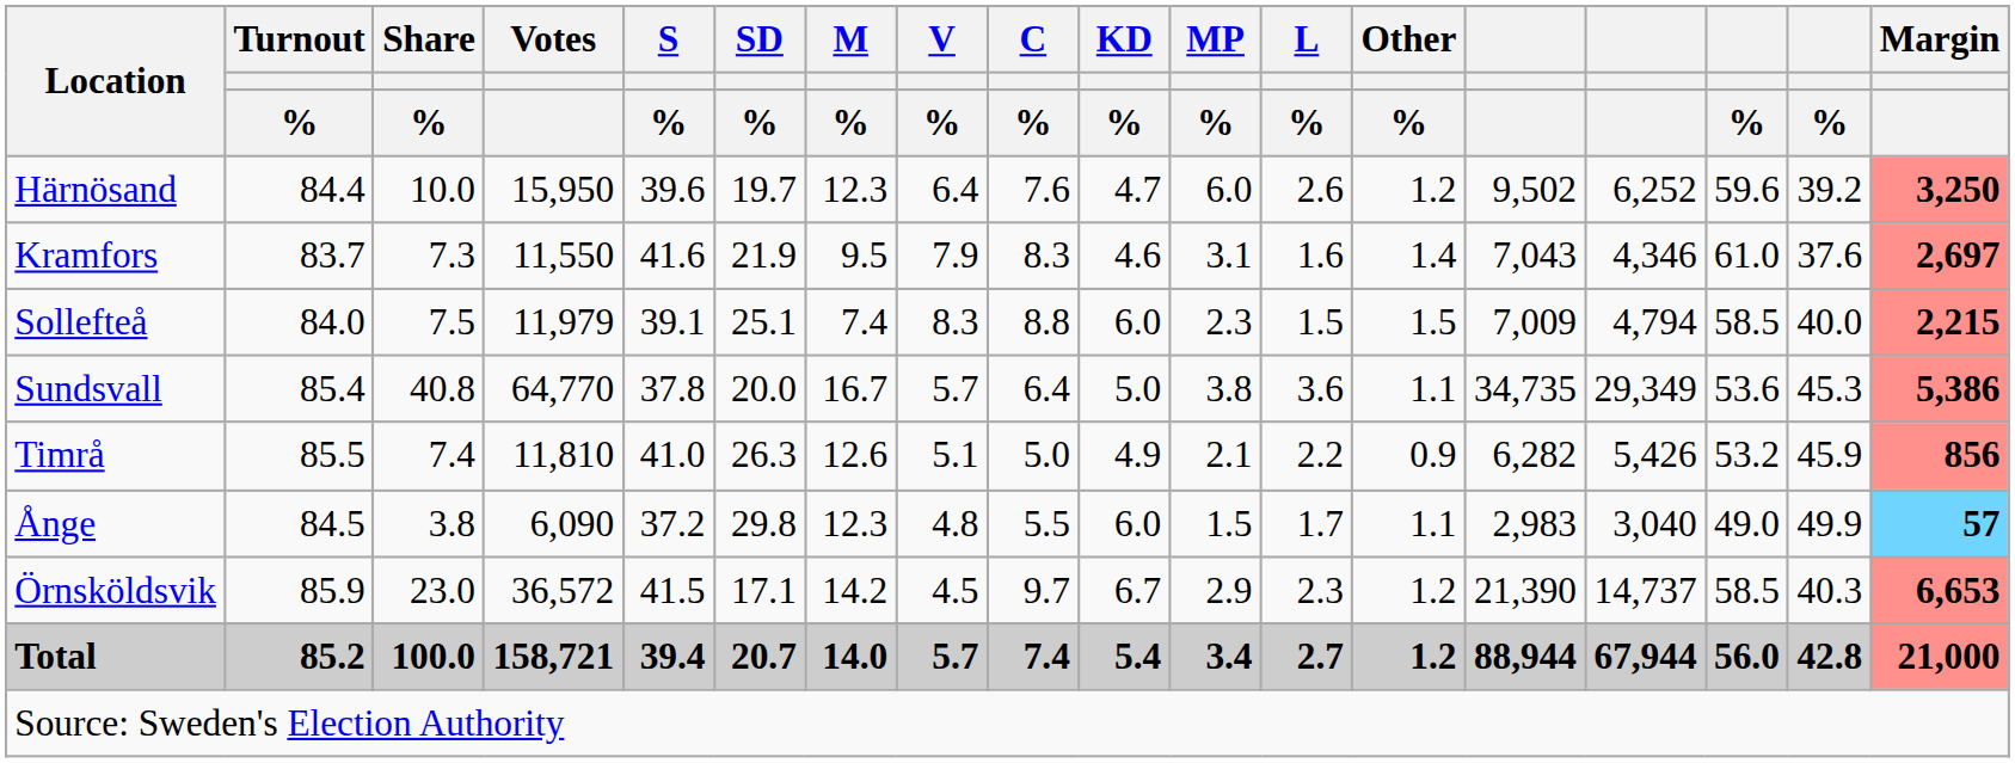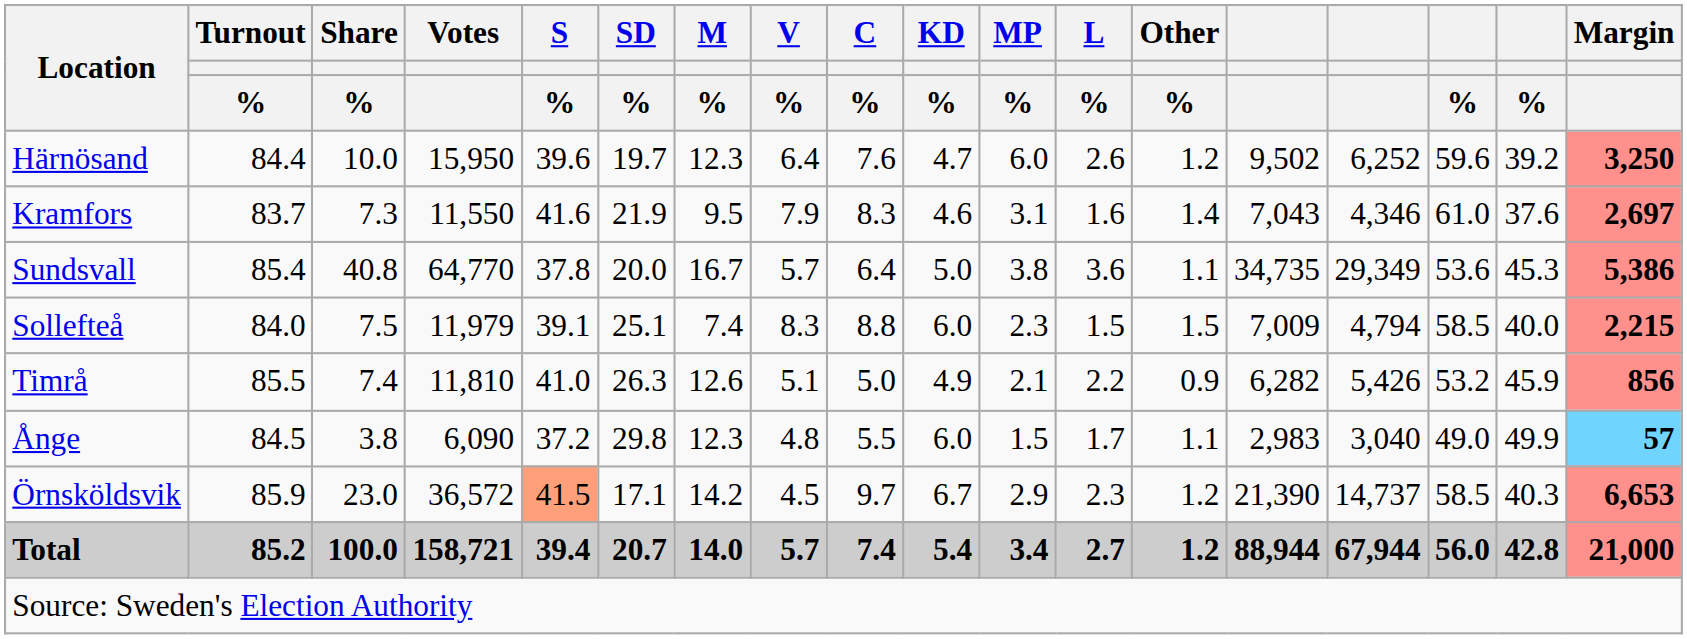 <table class="wikitable sortable" style="text-align:right; font-size:95%; line-height:20px;">
 <tr>
 <th rowspan="3">Location</th>
 <th>Turnout</th>
 <th>Share</th>
 <th>Votes</th>
 <th width="30px" class="unsortable"><a href='#'>S</a></th>
 <th width="30px" class="unsortable"><a href='#'>SD</a></th>
 <th width="30px" class="unsortable"><a href='#'>M</a></th>
 <th width="30px" class="unsortable"><a href='#'>V</a></th>
 <th width="30px" class="unsortable"><a href='#'>C</a></th>
 <th width="30px" class="unsortable"><a href='#'>KD</a></th>
 <th width="30px" class="unsortable"><a href='#'>MP</a></th>
 <th width="30px" class="unsortable"><a href='#'>L</a></th>
 <th width="30px" class="unsortable">Other</th>
 <th></th>
 <th></th>
 <th></th>
 <th></th>
 <th>Margin</th>
 </tr>
 <tr>
 <th></th>
 <th></th>
 <th></th>
 <th style="background:"></th>
 <th style="background:"></th>
 <th style="background:"></th>
 <th style="background:"></th>
 <th style="background:"></th>
 <th style="background:"></th>
 <th style="background:"></th>
 <th style="background:"></th>
 <th style="background:"></th>
 <th style="background:"></th>
 <th style="background:"></th>
 <th style="background:"></th>
 <th style="background:"></th>
 <th></th>
 </tr>
 <tr>
 <th data-sort-type="number">%</th>
 <th data-sort-type="number">%</th>
 <th></th>
 <th data-sort-type="number">%</th>
 <th data-sort-type="number">%</th>
 <th data-sort-type="number">%</th>
 <th data-sort-type="number">%</th>
 <th data-sort-type="number">%</th>
 <th data-sort-type="number">%</th>
 <th data-sort-type="number">%</th>
 <th data-sort-type="number">%</th>
 <th data-sort-type="number">%</th>
 <th data-sort-type="number"></th>
 <th data-sort-type="number"></th>
 <th data-sort-type="number">%</th>
 <th data-sort-type="number">%</th>
 <th data-sort-type="number"></th>
 </tr>
 <tr>
 <td align="left"><a href='#'>Härnösand</a></td>
 <td>84.4</td>
 <td>10.0</td>
 <td>15,950</td>
 <td>39.6</td>
 <td>19.7</td>
 <td>12.3</td>
 <td>6.4</td>
 <td>7.6</td>
 <td>4.7</td>
 <td>6.0</td>
 <td>2.6</td>
 <td>1.2</td>
 <td>9,502</td>
 <td>6,252</td>
 <td>59.6</td>
 <td>39.2</td>
 <td bgcolor=#ff908c><strong>3,250</strong></td>
 </tr>
 <tr>
 <td align="left"><a href='#'>Kramfors</a></td>
 <td>83.7</td>
 <td>7.3</td>
 <td>11,550</td>
 <td>41.6</td>
 <td>21.9</td>
 <td>9.5</td>
 <td>7.9</td>
 <td>8.3</td>
 <td>4.6</td>
 <td>3.1</td>
 <td>1.6</td>
 <td>1.4</td>
 <td>7,043</td>
 <td>4,346</td>
 <td>61.0</td>
 <td>37.6</td>
 <td bgcolor=#ff908c><strong>2,697</strong></td>
 </tr>
 <tr>
+<td align="left"><a href='#'>Sundsvall</a></td>
+<td>85.4</td>
+<td>40.8</td>
+<td>64,770</td>
+<td>37.8</td>
+<td>20.0</td>
+<td>16.7</td>
+<td>5.7</td>
+<td>6.4</td>
+<td>5.0</td>
+<td>3.8</td>
+<td>3.6</td>
+<td>1.1</td>
+<td>34,735</td>
+<td>29,349</td>
+<td>53.6</td>
+<td>45.3</td>
+<td bgcolor=#ff908c><strong>5,386</strong></td>
+</tr>
+<tr>
 <td align="left"><a href='#'>Sollefteå</a></td>
 <td>84.0</td>
 <td>7.5</td>
 <td>11,979</td>
 <td>39.1</td>
 <td>25.1</td>
 <td>7.4</td>
 <td>8.3</td>
 <td>8.8</td>
 <td>6.0</td>
 <td>2.3</td>
 <td>1.5</td>
 <td>1.5</td>
 <td>7,009</td>
 <td>4,794</td>
 <td>58.5</td>
 <td>40.0</td>
 <td bgcolor=#ff908c><strong>2,215</strong></td>
-</tr>
-<tr>
-<td align="left"><a href='#'>Sundsvall</a></td>
-<td>85.4</td>
-<td>40.8</td>
-<td>64,770</td>
-<td>37.8</td>
-<td>20.0</td>
-<td>16.7</td>
-<td>5.7</td>
-<td>6.4</td>
-<td>5.0</td>
-<td>3.8</td>
-<td>3.6</td>
-<td>1.1</td>
-<td>34,735</td>
-<td>29,349</td>
-<td>53.6</td>
-<td>45.3</td>
-<td bgcolor=#ff908c><strong>5,386</strong></td>
 </tr>
 <tr>
 <td align="left"><a href='#'>Timrå</a></td>
 <td>85.5</td>
 <td>7.4</td>
 <td>11,810</td>
 <td>41.0</td>
 <td>26.3</td>
 <td>12.6</td>
 <td>5.1</td>
 <td>5.0</td>
 <td>4.9</td>
 <td>2.1</td>
 <td>2.2</td>
 <td>0.9</td>
 <td>6,282</td>
 <td>5,426</td>
 <td>53.2</td>
 <td>45.9</td>
 <td bgcolor=#ff908c><strong>856</strong></td>
 </tr>
 <tr>
 <td align="left"><a href='#'>Ånge</a></td>
 <td>84.5</td>
 <td>3.8</td>
 <td>6,090</td>
 <td>37.2</td>
 <td>29.8</td>
 <td>12.3</td>
 <td>4.8</td>
 <td>5.5</td>
 <td>6.0</td>
 <td>1.5</td>
 <td>1.7</td>
 <td>1.1</td>
 <td>2,983</td>
 <td>3,040</td>
 <td>49.0</td>
 <td>49.9</td>
 <td bgcolor=#6fd5fe><strong>57</strong></td>
 </tr>
 <tr>
 <td align="left"><a href='#'>Örnsköldsvik</a></td>
 <td>85.9</td>
 <td>23.0</td>
 <td>36,572</td>
-<td>41.5</td>
+<td style="background: lightsalmon;">41.5</td>
 <td>17.1</td>
 <td>14.2</td>
 <td>4.5</td>
 <td>9.7</td>
 <td>6.7</td>
 <td>2.9</td>
 <td>2.3</td>
 <td>1.2</td>
 <td>21,390</td>
 <td>14,737</td>
 <td>58.5</td>
 <td>40.3</td>
 <td bgcolor=#ff908c><strong>6,653</strong></td>
 </tr>
 <tr style="background:#CDCDCD;">
 <td align="left"><strong>Total</strong></td>
 <td><strong>85.2</strong></td>
 <td><strong>100.0</strong></td>
 <td><strong>158,721</strong></td>
 <td><strong>39.4</strong></td>
 <td><strong>20.7</strong></td>
 <td><strong>14.0</strong></td>
 <td><strong>5.7</strong></td>
 <td><strong>7.4</strong></td>
 <td><strong>5.4</strong></td>
 <td><strong>3.4</strong></td>
 <td><strong>2.7</strong></td>
 <td><strong>1.2</strong></td>
 <td><strong>88,944</strong></td>
 <td><strong>67,944</strong></td>
 <td><strong>56.0</strong></td>
 <td><strong>42.8</strong></td>
 <td bgcolor=#ff908c><strong>21,000</strong></td>
 </tr>
 <tr>
 <td colspan="18" align="left">Source: Sweden's <a href='#'>Election Authority</a></td>
 </tr>
 </table>
